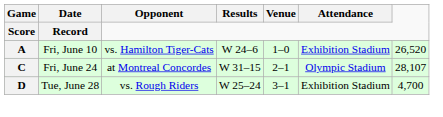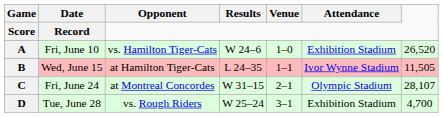 <table class="wikitable" style="text-align:center">
 <tr>
 <th>Game</th>
 <th>Date</th>
 <th>Opponent</th>
 <th>Results</th>
 <th>Venue</th>
 <th>Attendance</th>
 </tr>
 <tr>
 <th>Score</th>
 <th>Record</th>
 </tr>
 <tr style="background:#ddffdd">
 <th>A</th>
 <td>Fri, June 10</td>
 <td>vs. <a href='#'>Hamilton Tiger-Cats</a></td>
 <td>W 24–6</td>
 <td>1–0</td>
 <td><a href='#'>Exhibition Stadium</a></td>
 <td>26,520</td>
 </tr>
+<tr style="background:#ffbbbb">
+<th>B</th>
+<td>Wed, June 15</td>
+<td>at Hamilton Tiger-Cats</td>
+<td>L 24–35</td>
+<td>1–1</td>
+<td><a href='#'>Ivor Wynne Stadium</a></td>
+<td>11,505</td>
+</tr>
 <tr style="background:#ddffdd">
 <th>C</th>
 <td>Fri, June 24</td>
 <td>at <a href='#'>Montreal Concordes</a></td>
 <td>W 31–15</td>
 <td>2–1</td>
 <td><a href='#'>Olympic Stadium</a></td>
 <td>28,107</td>
 </tr>
 <tr style="background:#ddffdd">
 <th>D</th>
 <td>Tue, June 28</td>
 <td>vs. <a href='#'>Rough Riders</a></td>
 <td>W 25–24</td>
 <td>3–1</td>
 <td>Exhibition Stadium</td>
 <td>4,700</td>
 </tr>
 </table>
